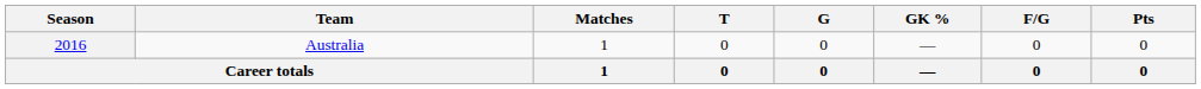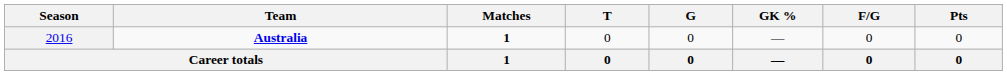 <table class="wikitable sortable"  style="font-size:90%; text-align:center; width:85%;">
 <tr>
 <th width=2%>Season</th>
 <th width=8%>Team</th>
 <th width=2%>Matches</th>
 <th width=2%>T</th>
 <th width=2%>G</th>
 <th width=2%>GK %</th>
 <th width=2%>F/G</th>
 <th width=2%>Pts</th>
 </tr>
 <tr>
 <th scope="row" style="text-align:center; font-weight:normal"><a href='#'>2016</a></th>
-<td style="text-align:center;"> <a href='#'>Australia</a></td>
-<td>1</td>
+<td style="text-align:center;"><strong> <a href='#'>Australia</a></strong></td>
+<td><strong>1</strong></td>
 <td>0</td>
 <td>0</td>
 <td>—</td>
 <td>0</td>
 <td>0</td>
 </tr>
 <tr class="sortbottom">
 <th colspan=2>Career totals</th>
 <th>1</th>
 <th>0</th>
 <th>0</th>
 <th>—</th>
 <th>0</th>
 <th>0</th>
 </tr>
 </table>
